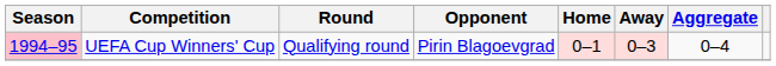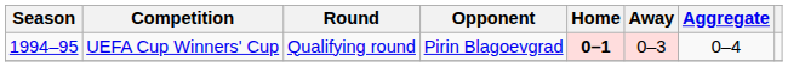 <table class="wikitable">
 <tr>
 <th>Season</th>
 <th>Competition</th>
 <th>Round</th>
 <th>Opponent</th>
 <th>Home</th>
 <th>Away</th>
 <th><a href='#'>Aggregate</a></th>
 <th></th>
 </tr>
 <tr>
-<td style="background: pink;"><a href='#'>1994–95</a></td>
+<td><a href='#'>1994–95</a></td>
 <td><a href='#'>UEFA Cup Winners' Cup</a></td>
 <td><a href='#'>Qualifying round</a></td>
 <td> <a href='#'>Pirin Blagoevgrad</a></td>
-<td bgcolor="#ffdddd" style="text-align:center;">0–1</td>
+<td bgcolor="#ffdddd" style="text-align:center;"><strong>0–1</strong></td>
 <td bgcolor="#ffdddd" style="text-align:center;">0–3</td>
 <td style="text-align:center;">0–4</td>
 <td></td>
 </tr>
 <tr>
 </tr>
 </table>
